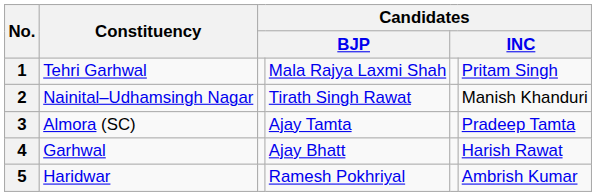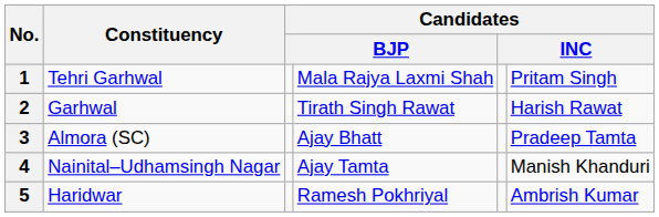 <table class="wikitable sortable">
 <tr>
 <th rowspan="2">No.</th>
 <th rowspan="2">Constituency</th>
 <th colspan="4">Candidates</th>
 </tr>
 <tr>
 <th colspan="2"><a href='#'>BJP</a></th>
 <th colspan="2"><a href='#'>INC</a></th>
 </tr>
 <tr>
 <th>1</th>
 <td><a href='#'>Tehri Garhwal</a></td>
 <td style="background:"></td>
 <td><a href='#'>Mala Rajya Laxmi Shah</a></td>
 <td style="background:"></td>
 <td><a href='#'>Pritam Singh</a></td>
 </tr>
 <tr>
 <th>2</th>
-<td><a href='#'>Nainital–Udhamsingh Nagar</a></td>
+<td><a href='#'>Garhwal</a></td>
 <td style="background:"></td>
 <td><a href='#'>Tirath Singh Rawat</a></td>
 <td style="background:"></td>
-<td>Manish Khanduri</td>
+<td><a href='#'>Harish Rawat</a></td>
 </tr>
 <tr>
 <th>3</th>
 <td><a href='#'>Almora</a> (SC)</td>
 <td style="background:"></td>
-<td><a href='#'>Ajay Tamta</a></td>
+<td><a href='#'>Ajay Bhatt</a></td>
 <td style="background:"></td>
 <td><a href='#'>Pradeep Tamta</a></td>
 </tr>
 <tr>
 <th>4</th>
-<td><a href='#'>Garhwal</a></td>
+<td><a href='#'>Nainital–Udhamsingh Nagar</a></td>
 <td style="background:"></td>
-<td><a href='#'>Ajay Bhatt</a></td>
+<td><a href='#'>Ajay Tamta</a></td>
 <td style="background:"></td>
-<td><a href='#'>Harish Rawat</a></td>
+<td>Manish Khanduri</td>
 </tr>
 <tr>
 <th>5</th>
 <td><a href='#'>Haridwar</a></td>
 <td style="background:"></td>
 <td><a href='#'>Ramesh Pokhriyal</a></td>
 <td style="background:"></td>
 <td><a href='#'>Ambrish Kumar</a></td>
 </tr>
 </table>
